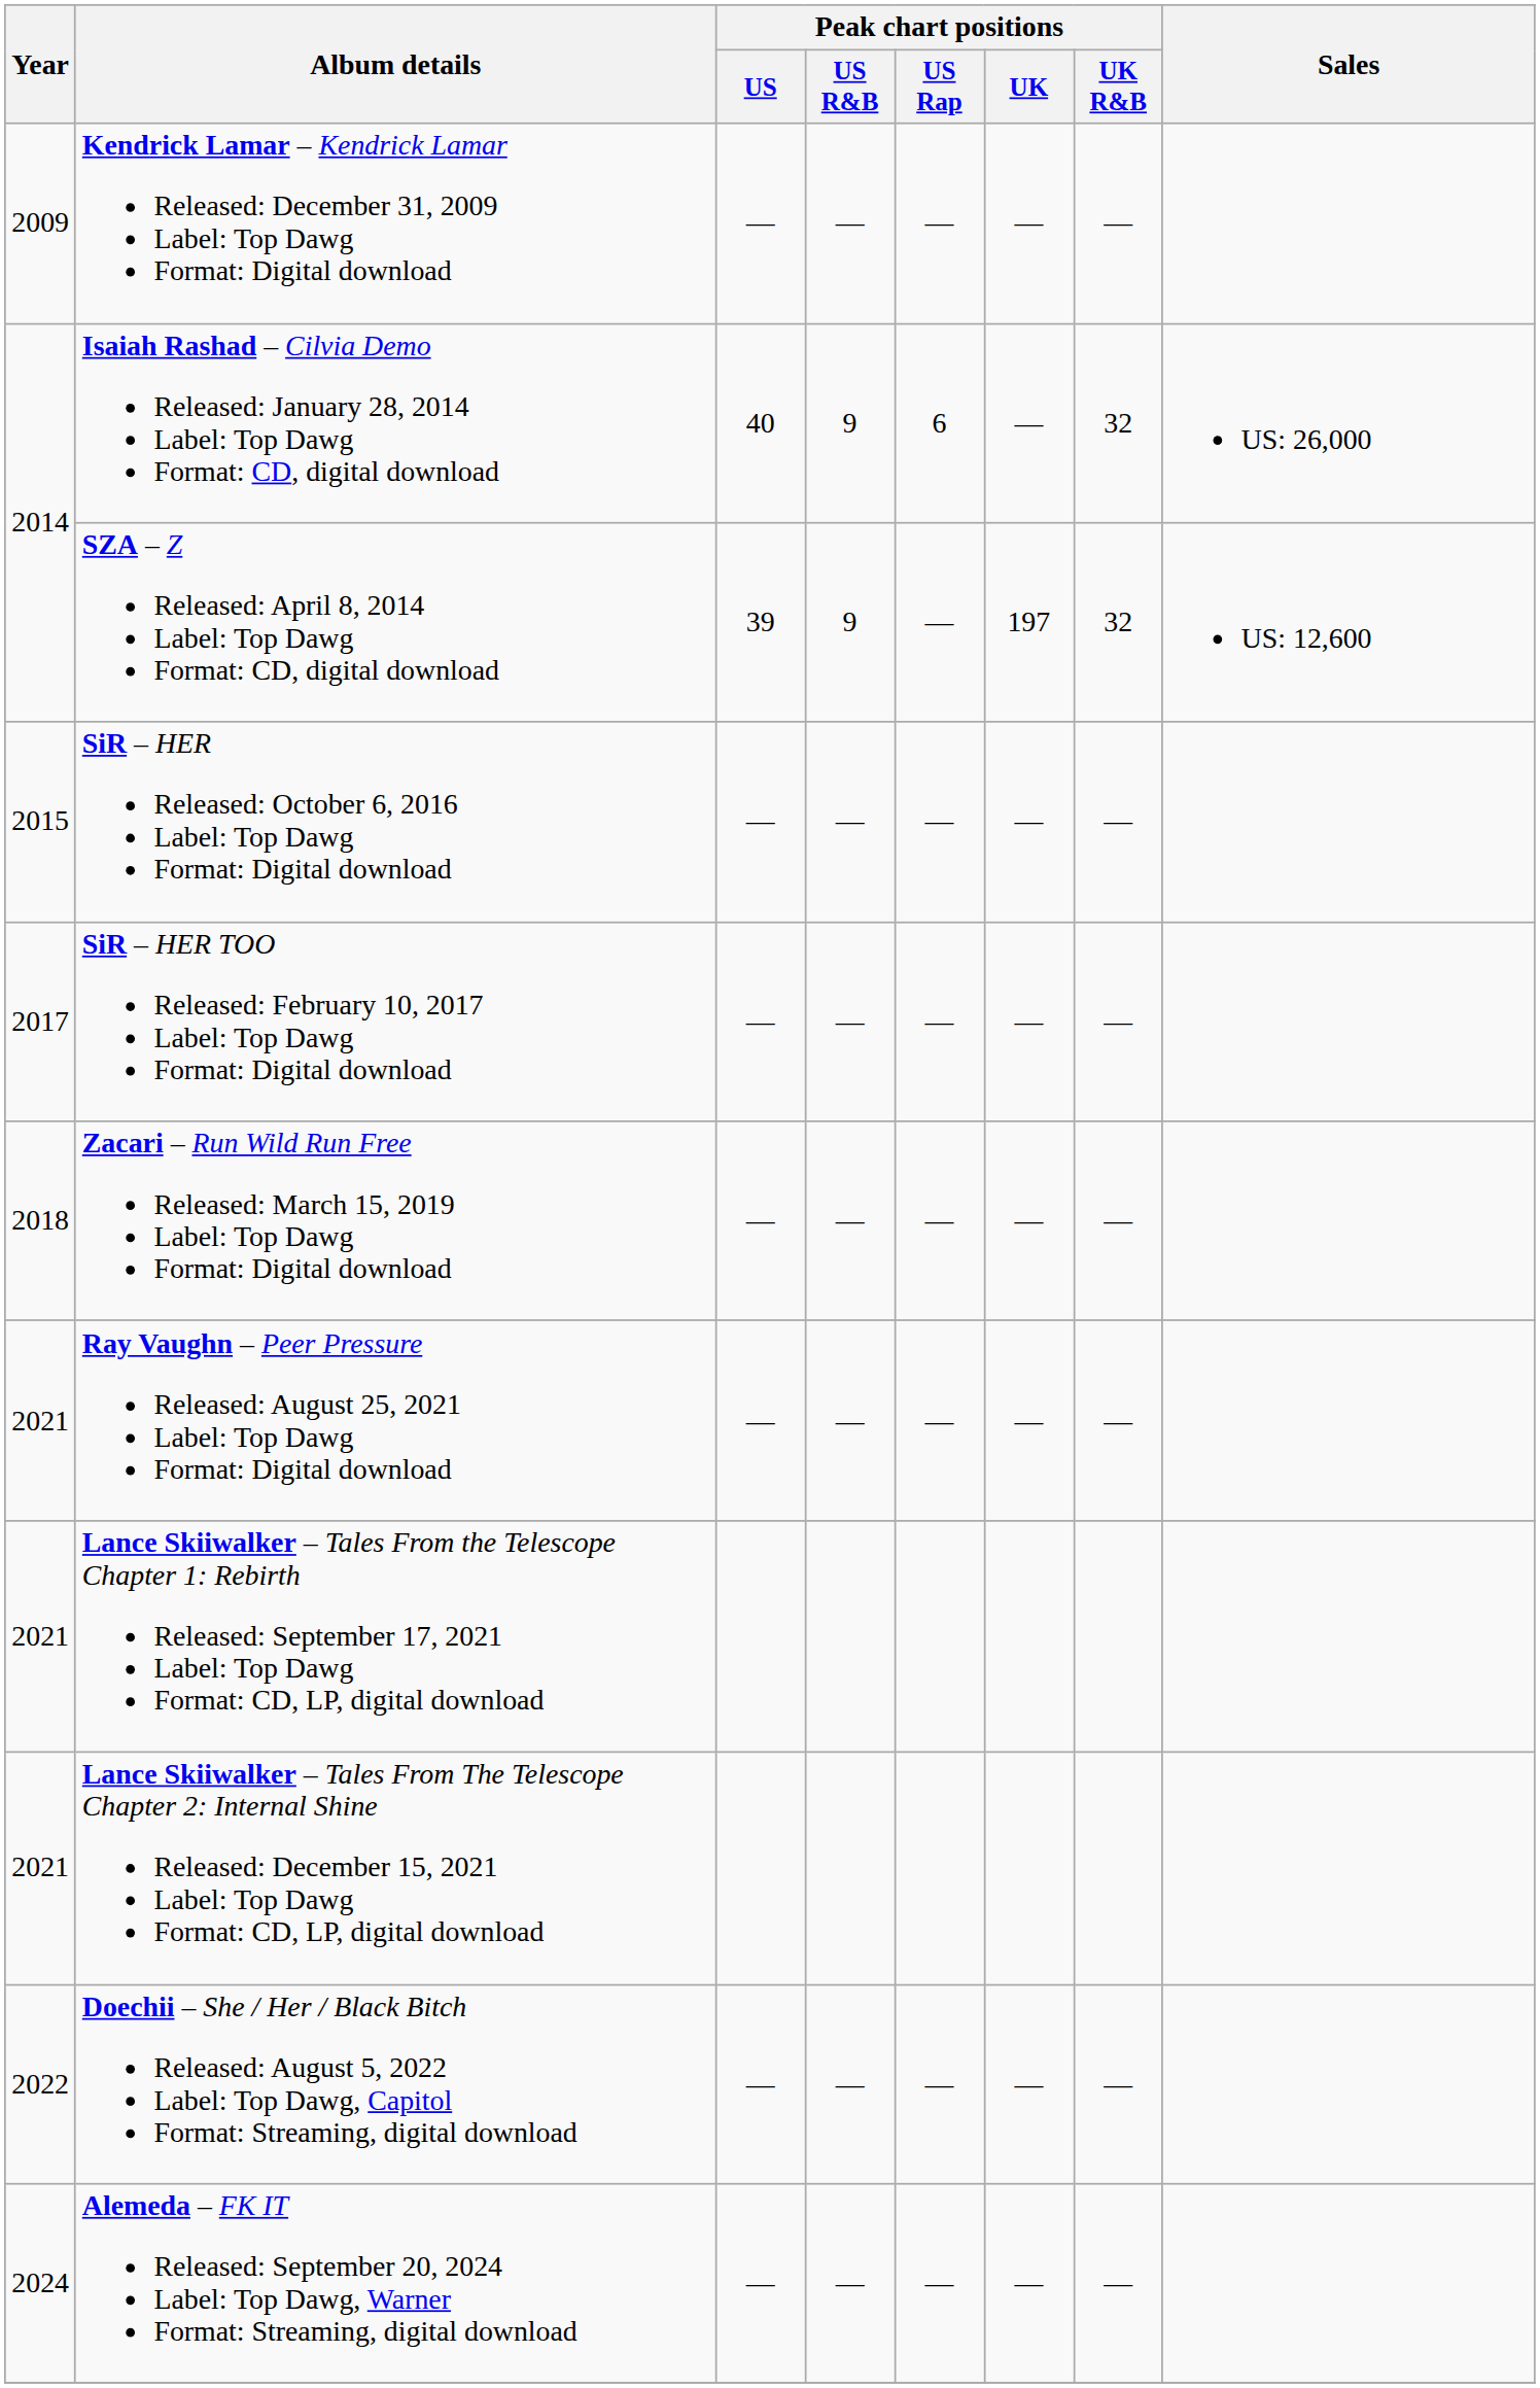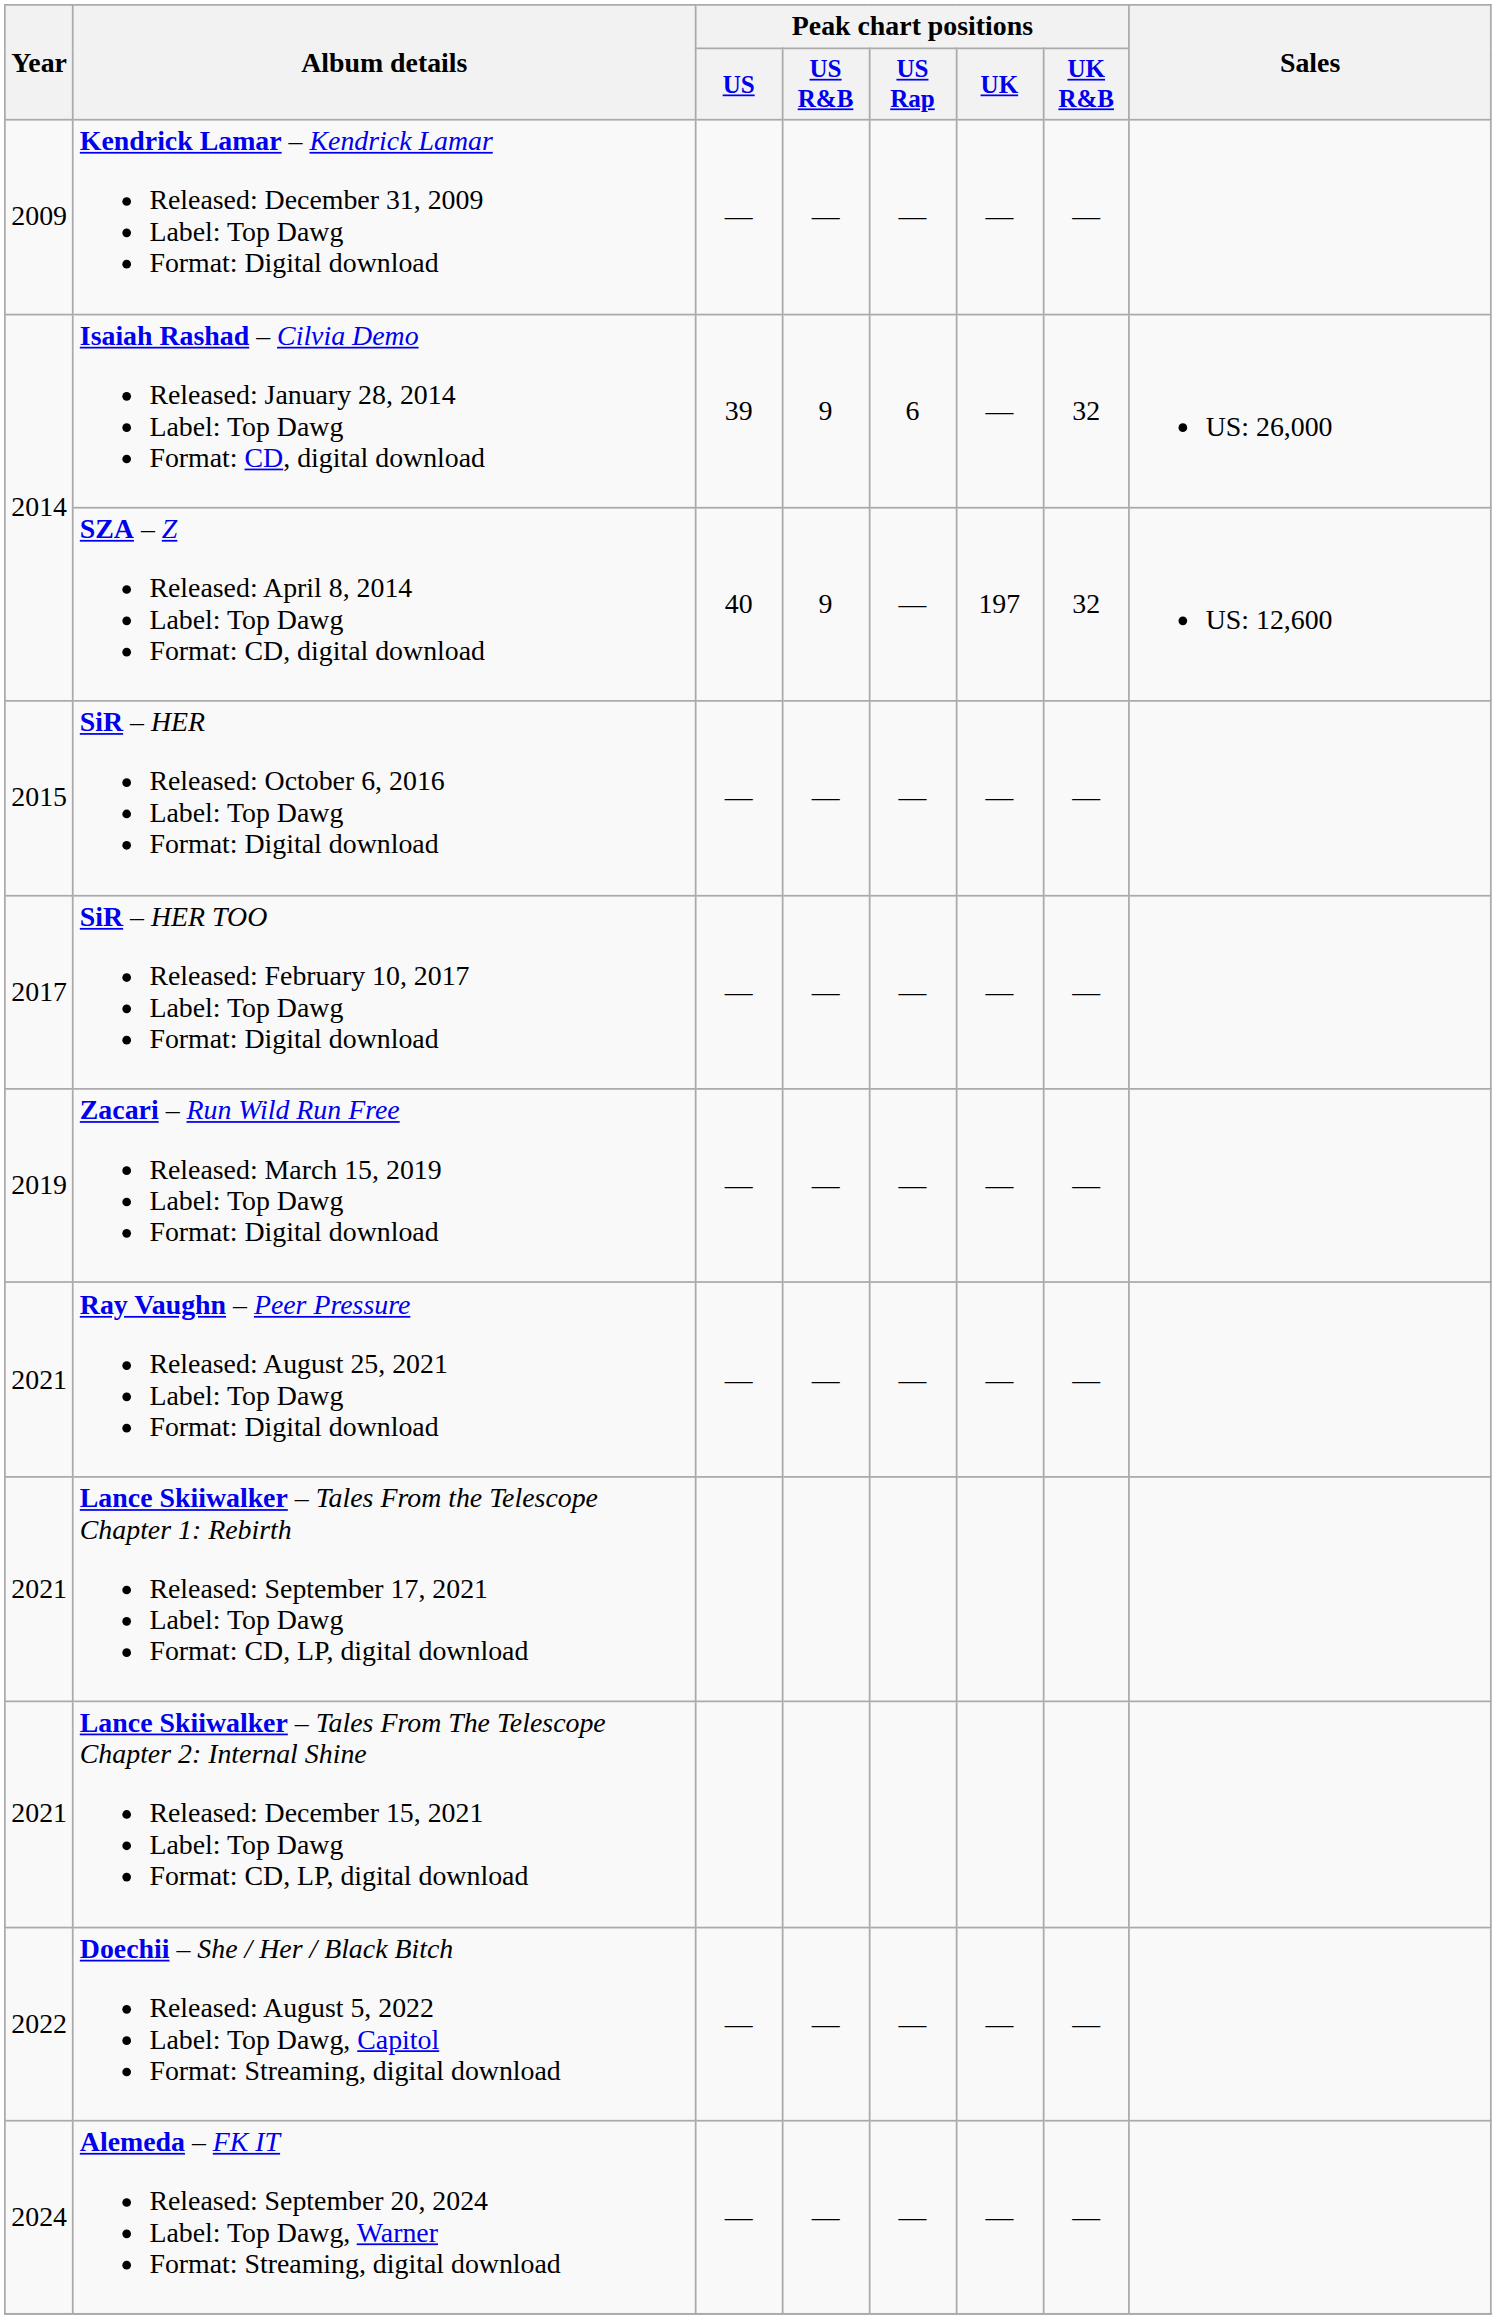 <table class="wikitable">
 <tr>
 <th rowspan="2" style="width:20px;">Year</th>
 <th rowspan="2" style="width:350px;">Album details</th>
 <th colspan="5">Peak chart positions</th>
 <th rowspan="2" style="width:200px;">Sales</th>
 </tr>
 <tr>
 <th scope="col" style="width:3em;font-size:90%;"><a href='#'>US</a></th>
 <th scope="col" style="width:3em;font-size:90%;"><a href='#'>US R&B</a></th>
 <th scope="col" style="width:3em;font-size:90%;"><a href='#'>US Rap</a></th>
 <th scope="col" style="width:3em;font-size:90%;"><a href='#'>UK</a></th>
 <th scope="col" style="width:3em;font-size:90%;"><a href='#'>UK R&B</a></th>
 </tr>
 <tr>
 <td style="text-align:center;" rowspan="1">2009</td>
 <td><strong><a href='#'>Kendrick Lamar</a></strong> – <em><a href='#'>Kendrick Lamar</a></em><br><ul><li>Released: December 31, 2009</li><li>Label: Top Dawg</li><li>Format: Digital download</li></ul></td>
 <td style="text-align:center;">—</td>
 <td style="text-align:center;">—</td>
 <td style="text-align:center;">—</td>
 <td style="text-align:center;">—</td>
 <td style="text-align:center;">—</td>
 <td></td>
 </tr>
 <tr>
 <td style="text-align:center;" rowspan="2">2014</td>
 <td><strong><a href='#'>Isaiah Rashad</a></strong> – <em><a href='#'>Cilvia Demo</a></em><br><ul><li>Released: January 28, 2014</li><li>Label: Top Dawg</li><li>Format: <a href='#'>CD</a>, digital download</li></ul></td>
-<td style="text-align:center;">40</td>
+<td style="text-align:center;">39</td>
 <td style="text-align:center;">9</td>
 <td style="text-align:center;">6</td>
 <td style="text-align:center;">—</td>
 <td style="text-align:center;">32</td>
 <td><br><ul><li>US: 26,000</li></ul></td>
 </tr>
 <tr>
 <td><strong><a href='#'>SZA</a></strong> – <em><a href='#'>Z</a></em><br><ul><li>Released: April 8, 2014</li><li>Label: Top Dawg</li><li>Format: CD, digital download</li></ul></td>
-<td style="text-align:center;">39</td>
+<td style="text-align:center;">40</td>
 <td style="text-align:center;">9</td>
 <td style="text-align:center;">—</td>
 <td style="text-align:center;">197</td>
 <td style="text-align:center;">32</td>
 <td><br><ul><li>US: 12,600</li></ul></td>
 </tr>
 <tr>
 <td style="text-align:center;" rowspan="1">2015</td>
 <td><strong><a href='#'>SiR</a></strong> – <em>HER</em><br><ul><li>Released: October 6, 2016</li><li>Label: Top Dawg</li><li>Format: Digital download</li></ul></td>
 <td style="text-align:center;">—</td>
 <td style="text-align:center;">—</td>
 <td style="text-align:center;">—</td>
 <td style="text-align:center;">—</td>
 <td style="text-align:center;">—</td>
 <td></td>
 </tr>
 <tr>
 <td style="text-align:center;" rowspan="1">2017</td>
 <td><strong><a href='#'>SiR</a></strong> – <em>HER TOO</em><br><ul><li>Released: February 10, 2017</li><li>Label: Top Dawg</li><li>Format: Digital download</li></ul></td>
 <td style="text-align:center;">—</td>
 <td style="text-align:center;">—</td>
 <td style="text-align:center;">—</td>
 <td style="text-align:center;">—</td>
 <td style="text-align:center;">—</td>
 <td></td>
 </tr>
 <tr>
-<td style="text-align:center;" rowspan="1">2018</td>
+<td style="text-align:center;" rowspan="1">2019</td>
 <td><strong><a href='#'>Zacari</a></strong> – <em><a href='#'>Run Wild Run Free</a></em><br><ul><li>Released: March 15, 2019</li><li>Label: Top Dawg</li><li>Format: Digital download</li></ul></td>
 <td style="text-align:center;">—</td>
 <td style="text-align:center;">—</td>
 <td style="text-align:center;">—</td>
 <td style="text-align:center;">—</td>
 <td style="text-align:center;">—</td>
 <td></td>
 </tr>
 <tr>
 <td style="text-align:center;" rowspan="1">2021</td>
 <td><strong><a href='#'>Ray Vaughn</a></strong> – <em><a href='#'>Peer Pressure</a></em><br><ul><li>Released: August 25, 2021</li><li>Label: Top Dawg</li><li>Format: Digital download</li></ul></td>
 <td style="text-align:center;">—</td>
 <td style="text-align:center;">—</td>
 <td style="text-align:center;">—</td>
 <td style="text-align:center;">—</td>
 <td style="text-align:center;">—</td>
 <td></td>
 </tr>
 <tr>
 <td>2021</td>
 <td><strong><a href='#'>Lance Skiiwalker</a></strong> – <em>Tales From the Telescope Chapter 1: Rebirth</em><br><ul><li>Released: September 17, 2021</li><li>Label: Top Dawg</li><li>Format: CD, LP, digital download</li></ul></td>
 <td></td>
 <td></td>
 <td></td>
 <td></td>
 <td></td>
 <td></td>
 </tr>
 <tr>
 <td>2021</td>
 <td><strong><a href='#'>Lance Skiiwalker</a></strong> – <em>Tales From The Telescope Chapter 2: Internal Shine</em><br><ul><li>Released: December 15, 2021</li><li>Label: Top Dawg</li><li>Format: CD, LP, digital download</li></ul></td>
 <td></td>
 <td></td>
 <td></td>
 <td></td>
 <td></td>
 <td></td>
 </tr>
 <tr>
 <td style="text-align:center;" rowspan="1">2022</td>
 <td><strong><a href='#'>Doechii</a></strong> – <em>She / Her / Black Bitch</em><br><ul><li>Released: August 5, 2022</li><li>Label: Top Dawg, <a href='#'>Capitol</a></li><li>Format: Streaming, digital download</li></ul></td>
 <td style="text-align:center;">—</td>
 <td style="text-align:center;">—</td>
 <td style="text-align:center;">—</td>
 <td style="text-align:center;">—</td>
 <td style="text-align:center;">—</td>
 <td></td>
 </tr>
 <tr>
 <td style="text-align:center;" rowspan="1">2024</td>
 <td><strong><a href='#'>Alemeda</a></strong> – <em><a href='#'>FK IT</a></em><br><ul><li>Released: September 20, 2024</li><li>Label: Top Dawg, <a href='#'>Warner</a></li><li>Format: Streaming, digital download</li></ul></td>
 <td style="text-align:center;">—</td>
 <td style="text-align:center;">—</td>
 <td style="text-align:center;">—</td>
 <td style="text-align:center;">—</td>
 <td style="text-align:center;">—</td>
 <td></td>
 </tr>
 <tr>
 </tr>
 </table>
